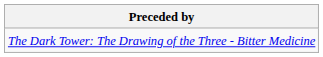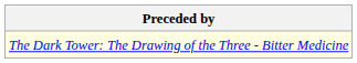 <table class="wikitable">
 <tr>
 <th><small><strong>Preceded by</strong></small></th>
 </tr>
 <tr>
-<td><small><em><a href='#'>The Dark Tower: The Drawing of the Three - Bitter Medicine</a></em></small></td>
+<td style="background: lightyellow;"><small><em><a href='#'>The Dark Tower: The Drawing of the Three - Bitter Medicine</a></em></small></td>
 </tr>
 </table>
